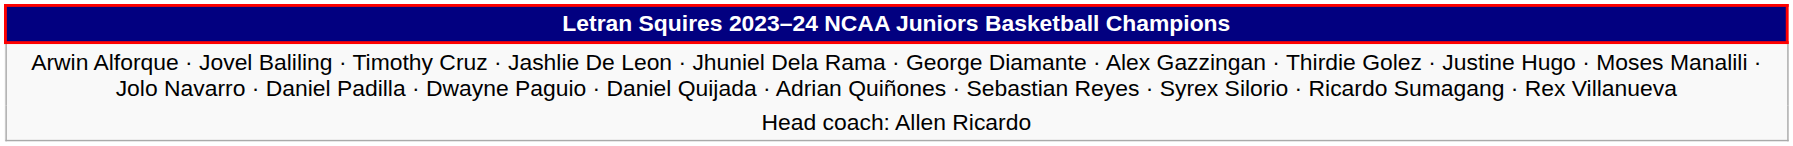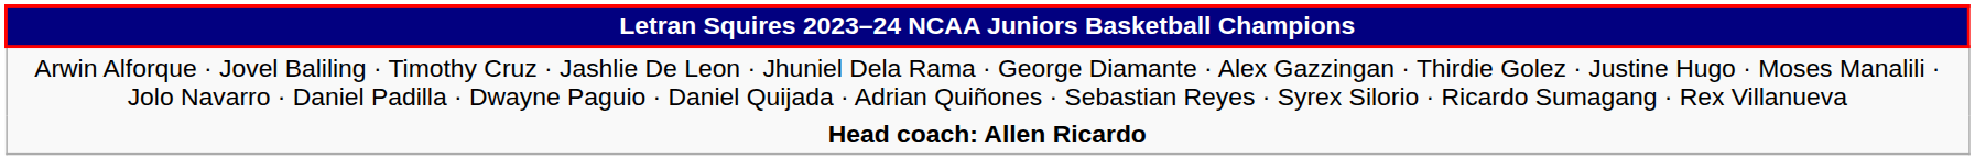 <table class="wikitable" style="text-align: center">
 <tr>
 <th style = "background:#020080; border:2px solid red; color:white">Letran Squires 2023–24 NCAA Juniors Basketball Champions</th>
 </tr>
 <tr>
 <td style="border-style: none none none none;">Arwin Alforque · Jovel Baliling · Timothy Cruz · Jashlie De Leon · Jhuniel Dela Rama · George Diamante · Alex Gazzingan · Thirdie Golez · Justine Hugo · Moses Manalili · Jolo Navarro · Daniel Padilla · Dwayne Paguio · Daniel Quijada · Adrian Quiñones · Sebastian Reyes · Syrex Silorio · Ricardo Sumagang · Rex Villanueva</td>
 </tr>
 <tr>
-<td style="border-style: none none none none;">Head coach: Allen Ricardo</td>
+<td style="border-style: none none none none;"><strong>Head coach: Allen Ricardo</strong></td>
 </tr>
 </table>
